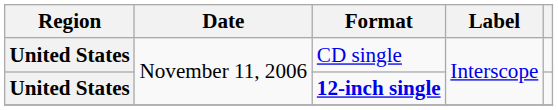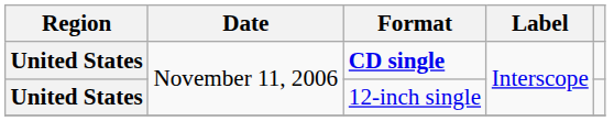 <table class="wikitable plainrowheaders">
 <tr>
 <th scope="col">Region</th>
 <th scope="col">Date</th>
 <th scope="col">Format</th>
 <th scope="col">Label</th>
 <th scope="col"></th>
 </tr>
 <tr>
 <th scope="row">United States</th>
 <td rowspan="2">November 11, 2006</td>
-<td><a href='#'>CD single</a></td>
+<td><strong><a href='#'>CD single</a></strong></td>
 <td rowspan="2"><a href='#'>Interscope</a></td>
 <td></td>
 </tr>
 <tr>
 <th scope="row">United States</th>
-<td><strong><a href='#'>12-inch single</a></strong></td>
+<td><a href='#'>12-inch single</a></td>
 <td></td>
 </tr>
 <tr>
 </tr>
 </table>
